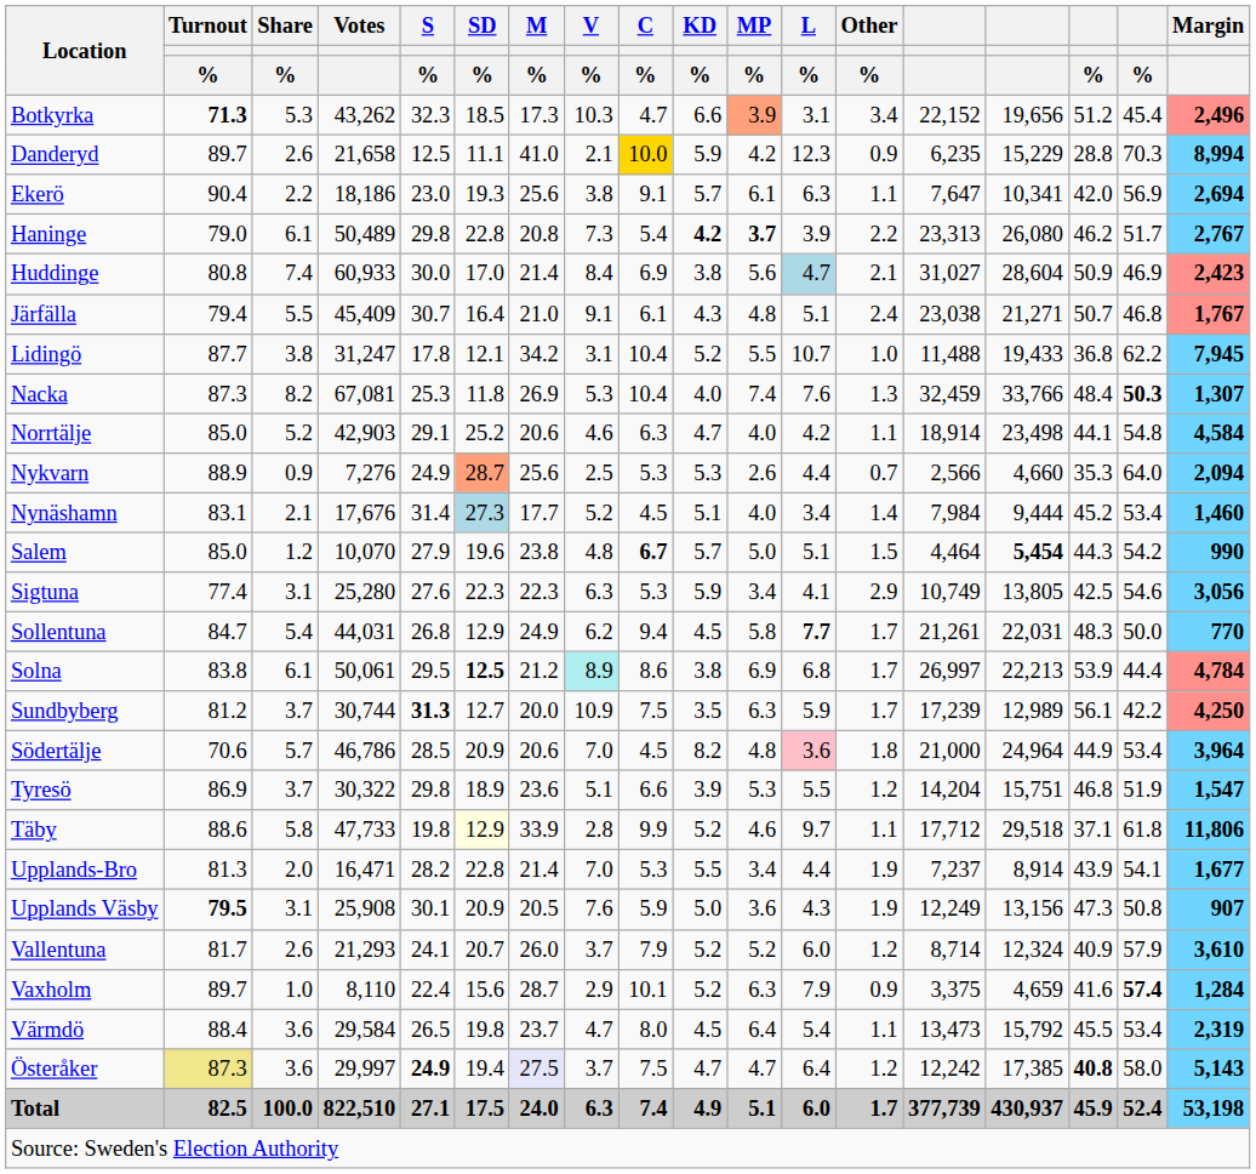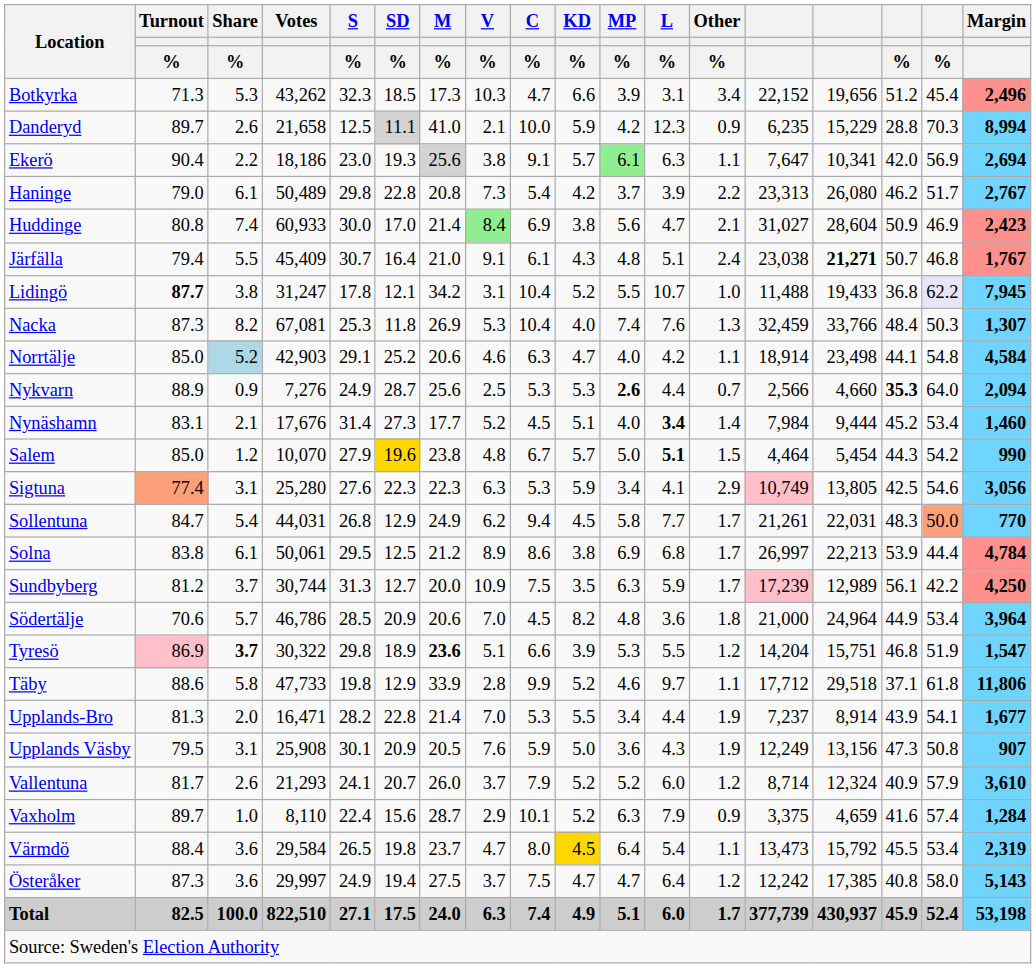 <table class="wikitable sortable" style="text-align:right; font-size:95%; line-height:20px;">
 <tr>
 <th rowspan="3">Location</th>
 <th>Turnout</th>
 <th>Share</th>
 <th>Votes</th>
 <th width="30px" class="unsortable"><a href='#'>S</a></th>
 <th width="30px" class="unsortable"><a href='#'>SD</a></th>
 <th width="30px" class="unsortable"><a href='#'>M</a></th>
 <th width="30px" class="unsortable"><a href='#'>V</a></th>
 <th width="30px" class="unsortable"><a href='#'>C</a></th>
 <th width="30px" class="unsortable"><a href='#'>KD</a></th>
 <th width="30px" class="unsortable"><a href='#'>MP</a></th>
 <th width="30px" class="unsortable"><a href='#'>L</a></th>
 <th width="30px" class="unsortable">Other</th>
 <th></th>
 <th></th>
 <th></th>
 <th></th>
 <th>Margin</th>
 </tr>
 <tr>
 <th></th>
 <th></th>
 <th></th>
 <th style="background:"></th>
 <th style="background:"></th>
 <th style="background:"></th>
 <th style="background:"></th>
 <th style="background:"></th>
 <th style="background:"></th>
 <th style="background:"></th>
 <th style="background:"></th>
 <th style="background:"></th>
 <th style="background:"></th>
 <th style="background:"></th>
 <th style="background:"></th>
 <th style="background:"></th>
 <th></th>
 </tr>
 <tr>
 <th data-sort-type="number">%</th>
 <th data-sort-type="number">%</th>
 <th></th>
 <th data-sort-type="number">%</th>
 <th data-sort-type="number">%</th>
 <th data-sort-type="number">%</th>
 <th data-sort-type="number">%</th>
 <th data-sort-type="number">%</th>
 <th data-sort-type="number">%</th>
 <th data-sort-type="number">%</th>
 <th data-sort-type="number">%</th>
 <th data-sort-type="number">%</th>
 <th data-sort-type="number"></th>
 <th data-sort-type="number"></th>
 <th data-sort-type="number">%</th>
 <th data-sort-type="number">%</th>
 <th data-sort-type="number"></th>
 </tr>
 <tr>
 <td align="left"><a href='#'>Botkyrka</a></td>
-<td><strong>71.3</strong></td>
+<td>71.3</td>
 <td>5.3</td>
 <td>43,262</td>
 <td>32.3</td>
 <td>18.5</td>
 <td>17.3</td>
 <td>10.3</td>
 <td>4.7</td>
 <td>6.6</td>
-<td style="background: lightsalmon;">3.9</td>
+<td>3.9</td>
 <td>3.1</td>
 <td>3.4</td>
 <td>22,152</td>
 <td>19,656</td>
 <td>51.2</td>
 <td>45.4</td>
 <td bgcolor=#ff908c><strong>2,496</strong></td>
 </tr>
 <tr>
 <td align="left"><a href='#'>Danderyd</a></td>
 <td>89.7</td>
 <td>2.6</td>
 <td>21,658</td>
 <td>12.5</td>
-<td>11.1</td>
+<td style="background: lightgrey;">11.1</td>
 <td>41.0</td>
 <td>2.1</td>
-<td style="background: gold;">10.0</td>
+<td>10.0</td>
 <td>5.9</td>
 <td>4.2</td>
 <td>12.3</td>
 <td>0.9</td>
 <td>6,235</td>
 <td>15,229</td>
 <td>28.8</td>
 <td>70.3</td>
 <td bgcolor=#6fd5fe><strong>8,994</strong></td>
 </tr>
 <tr>
 <td align="left"><a href='#'>Ekerö</a></td>
 <td>90.4</td>
 <td>2.2</td>
 <td>18,186</td>
 <td>23.0</td>
 <td>19.3</td>
-<td>25.6</td>
+<td style="background: lightgrey;">25.6</td>
 <td>3.8</td>
 <td>9.1</td>
 <td>5.7</td>
-<td>6.1</td>
+<td style="background: lightgreen;">6.1</td>
 <td>6.3</td>
 <td>1.1</td>
 <td>7,647</td>
 <td>10,341</td>
 <td>42.0</td>
 <td>56.9</td>
 <td bgcolor=#6fd5fe><strong>2,694</strong></td>
 </tr>
 <tr>
 <td align="left"><a href='#'>Haninge</a></td>
 <td>79.0</td>
 <td>6.1</td>
 <td>50,489</td>
 <td>29.8</td>
 <td>22.8</td>
 <td>20.8</td>
 <td>7.3</td>
 <td>5.4</td>
-<td><strong>4.2</strong></td>
-<td><strong>3.7</strong></td>
+<td>4.2</td>
+<td>3.7</td>
 <td>3.9</td>
 <td>2.2</td>
 <td>23,313</td>
 <td>26,080</td>
 <td>46.2</td>
 <td>51.7</td>
 <td bgcolor=#6fd5fe><strong>2,767</strong></td>
 </tr>
 <tr>
 <td align="left"><a href='#'>Huddinge</a></td>
 <td>80.8</td>
 <td>7.4</td>
 <td>60,933</td>
 <td>30.0</td>
 <td>17.0</td>
 <td>21.4</td>
-<td>8.4</td>
+<td style="background: lightgreen;">8.4</td>
 <td>6.9</td>
 <td>3.8</td>
 <td>5.6</td>
-<td style="background: lightblue;">4.7</td>
+<td>4.7</td>
 <td>2.1</td>
 <td>31,027</td>
 <td>28,604</td>
 <td>50.9</td>
 <td>46.9</td>
 <td bgcolor=#ff908c><strong>2,423</strong></td>
 </tr>
 <tr>
 <td align="left"><a href='#'>Järfälla</a></td>
 <td>79.4</td>
 <td>5.5</td>
 <td>45,409</td>
 <td>30.7</td>
 <td>16.4</td>
 <td>21.0</td>
 <td>9.1</td>
 <td>6.1</td>
 <td>4.3</td>
 <td>4.8</td>
 <td>5.1</td>
 <td>2.4</td>
 <td>23,038</td>
-<td>21,271</td>
+<td><strong>21,271</strong></td>
 <td>50.7</td>
 <td>46.8</td>
 <td bgcolor=#ff908c><strong>1,767</strong></td>
 </tr>
 <tr>
 <td align="left"><a href='#'>Lidingö</a></td>
-<td>87.7</td>
+<td><strong>87.7</strong></td>
 <td>3.8</td>
 <td>31,247</td>
 <td>17.8</td>
 <td>12.1</td>
 <td>34.2</td>
 <td>3.1</td>
 <td>10.4</td>
 <td>5.2</td>
 <td>5.5</td>
 <td>10.7</td>
 <td>1.0</td>
 <td>11,488</td>
 <td>19,433</td>
 <td>36.8</td>
-<td>62.2</td>
+<td style="background: lavender;">62.2</td>
 <td bgcolor=#6fd5fe><strong>7,945</strong></td>
 </tr>
 <tr>
 <td align="left"><a href='#'>Nacka</a></td>
 <td>87.3</td>
 <td>8.2</td>
 <td>67,081</td>
 <td>25.3</td>
 <td>11.8</td>
 <td>26.9</td>
 <td>5.3</td>
 <td>10.4</td>
 <td>4.0</td>
 <td>7.4</td>
 <td>7.6</td>
 <td>1.3</td>
 <td>32,459</td>
 <td>33,766</td>
 <td>48.4</td>
-<td><strong>50.3</strong></td>
+<td>50.3</td>
 <td bgcolor=#6fd5fe><strong>1,307</strong></td>
 </tr>
 <tr>
 <td align="left"><a href='#'>Norrtälje</a></td>
 <td>85.0</td>
-<td>5.2</td>
+<td style="background: lightblue;">5.2</td>
 <td>42,903</td>
 <td>29.1</td>
 <td>25.2</td>
 <td>20.6</td>
 <td>4.6</td>
 <td>6.3</td>
 <td>4.7</td>
 <td>4.0</td>
 <td>4.2</td>
 <td>1.1</td>
 <td>18,914</td>
 <td>23,498</td>
 <td>44.1</td>
 <td>54.8</td>
 <td bgcolor=#6fd5fe><strong>4,584</strong></td>
 </tr>
 <tr>
 <td align="left"><a href='#'>Nykvarn</a></td>
 <td>88.9</td>
 <td>0.9</td>
 <td>7,276</td>
 <td>24.9</td>
-<td style="background: lightsalmon;">28.7</td>
+<td>28.7</td>
 <td>25.6</td>
 <td>2.5</td>
 <td>5.3</td>
 <td>5.3</td>
-<td>2.6</td>
+<td><strong>2.6</strong></td>
 <td>4.4</td>
 <td>0.7</td>
 <td>2,566</td>
 <td>4,660</td>
-<td>35.3</td>
+<td><strong>35.3</strong></td>
 <td>64.0</td>
 <td bgcolor=#6fd5fe><strong>2,094</strong></td>
 </tr>
 <tr>
 <td align="left"><a href='#'>Nynäshamn</a></td>
 <td>83.1</td>
 <td>2.1</td>
 <td>17,676</td>
 <td>31.4</td>
-<td style="background: lightblue;">27.3</td>
+<td>27.3</td>
 <td>17.7</td>
 <td>5.2</td>
 <td>4.5</td>
 <td>5.1</td>
 <td>4.0</td>
-<td>3.4</td>
+<td><strong>3.4</strong></td>
 <td>1.4</td>
 <td>7,984</td>
 <td>9,444</td>
 <td>45.2</td>
 <td>53.4</td>
 <td bgcolor=#6fd5fe><strong>1,460</strong></td>
 </tr>
 <tr>
 <td align="left"><a href='#'>Salem</a></td>
 <td>85.0</td>
 <td>1.2</td>
 <td>10,070</td>
 <td>27.9</td>
-<td>19.6</td>
+<td style="background: gold;">19.6</td>
 <td>23.8</td>
 <td>4.8</td>
-<td><strong>6.7</strong></td>
+<td>6.7</td>
 <td>5.7</td>
 <td>5.0</td>
-<td>5.1</td>
+<td><strong>5.1</strong></td>
 <td>1.5</td>
 <td>4,464</td>
-<td><strong>5,454</strong></td>
+<td>5,454</td>
 <td>44.3</td>
 <td>54.2</td>
 <td bgcolor=#6fd5fe><strong>990</strong></td>
 </tr>
 <tr>
 <td align="left"><a href='#'>Sigtuna</a></td>
-<td>77.4</td>
+<td style="background: lightsalmon;">77.4</td>
 <td>3.1</td>
 <td>25,280</td>
 <td>27.6</td>
 <td>22.3</td>
 <td>22.3</td>
 <td>6.3</td>
 <td>5.3</td>
 <td>5.9</td>
 <td>3.4</td>
 <td>4.1</td>
 <td>2.9</td>
-<td>10,749</td>
+<td style="background: pink;">10,749</td>
 <td>13,805</td>
 <td>42.5</td>
 <td>54.6</td>
 <td bgcolor=#6fd5fe><strong>3,056</strong></td>
 </tr>
 <tr>
 <td align="left"><a href='#'>Sollentuna</a></td>
 <td>84.7</td>
 <td>5.4</td>
 <td>44,031</td>
 <td>26.8</td>
 <td>12.9</td>
 <td>24.9</td>
 <td>6.2</td>
 <td>9.4</td>
 <td>4.5</td>
 <td>5.8</td>
-<td><strong>7.7</strong></td>
+<td>7.7</td>
 <td>1.7</td>
 <td>21,261</td>
 <td>22,031</td>
 <td>48.3</td>
-<td>50.0</td>
+<td style="background: lightsalmon;">50.0</td>
 <td bgcolor=#6fd5fe><strong>770</strong></td>
 </tr>
 <tr>
 <td align="left"><a href='#'>Solna</a></td>
 <td>83.8</td>
 <td>6.1</td>
 <td>50,061</td>
 <td>29.5</td>
-<td><strong>12.5</strong></td>
+<td>12.5</td>
 <td>21.2</td>
-<td style="background: paleturquoise;">8.9</td>
+<td>8.9</td>
 <td>8.6</td>
 <td>3.8</td>
 <td>6.9</td>
 <td>6.8</td>
 <td>1.7</td>
 <td>26,997</td>
 <td>22,213</td>
 <td>53.9</td>
 <td>44.4</td>
 <td bgcolor=#ff908c><strong>4,784</strong></td>
 </tr>
 <tr>
 <td align="left"><a href='#'>Sundbyberg</a></td>
 <td>81.2</td>
 <td>3.7</td>
 <td>30,744</td>
-<td><strong>31.3</strong></td>
+<td>31.3</td>
 <td>12.7</td>
 <td>20.0</td>
 <td>10.9</td>
 <td>7.5</td>
 <td>3.5</td>
 <td>6.3</td>
 <td>5.9</td>
 <td>1.7</td>
-<td>17,239</td>
+<td style="background: pink;">17,239</td>
 <td>12,989</td>
 <td>56.1</td>
 <td>42.2</td>
 <td bgcolor=#ff908c><strong>4,250</strong></td>
 </tr>
 <tr>
 <td align="left"><a href='#'>Södertälje</a></td>
 <td>70.6</td>
 <td>5.7</td>
 <td>46,786</td>
 <td>28.5</td>
 <td>20.9</td>
 <td>20.6</td>
 <td>7.0</td>
 <td>4.5</td>
 <td>8.2</td>
 <td>4.8</td>
-<td style="background: pink;">3.6</td>
+<td>3.6</td>
 <td>1.8</td>
 <td>21,000</td>
 <td>24,964</td>
 <td>44.9</td>
 <td>53.4</td>
 <td bgcolor=#6fd5fe><strong>3,964</strong></td>
 </tr>
 <tr>
 <td align="left"><a href='#'>Tyresö</a></td>
-<td>86.9</td>
-<td>3.7</td>
+<td style="background: pink;">86.9</td>
+<td><strong>3.7</strong></td>
 <td>30,322</td>
 <td>29.8</td>
 <td>18.9</td>
-<td>23.6</td>
+<td><strong>23.6</strong></td>
 <td>5.1</td>
 <td>6.6</td>
 <td>3.9</td>
 <td>5.3</td>
 <td>5.5</td>
 <td>1.2</td>
 <td>14,204</td>
 <td>15,751</td>
 <td>46.8</td>
 <td>51.9</td>
 <td bgcolor=#6fd5fe><strong>1,547</strong></td>
 </tr>
 <tr>
 <td align="left"><a href='#'>Täby</a></td>
 <td>88.6</td>
 <td>5.8</td>
 <td>47,733</td>
 <td>19.8</td>
-<td style="background: lightyellow;">12.9</td>
+<td>12.9</td>
 <td>33.9</td>
 <td>2.8</td>
 <td>9.9</td>
 <td>5.2</td>
 <td>4.6</td>
 <td>9.7</td>
 <td>1.1</td>
 <td>17,712</td>
 <td>29,518</td>
 <td>37.1</td>
 <td>61.8</td>
 <td bgcolor=#6fd5fe><strong>11,806</strong></td>
 </tr>
 <tr>
 <td align="left"><a href='#'>Upplands-Bro</a></td>
 <td>81.3</td>
 <td>2.0</td>
 <td>16,471</td>
 <td>28.2</td>
 <td>22.8</td>
 <td>21.4</td>
 <td>7.0</td>
 <td>5.3</td>
 <td>5.5</td>
 <td>3.4</td>
 <td>4.4</td>
 <td>1.9</td>
 <td>7,237</td>
 <td>8,914</td>
 <td>43.9</td>
 <td>54.1</td>
 <td bgcolor=#6fd5fe><strong>1,677</strong></td>
 </tr>
 <tr>
 <td align="left"><a href='#'>Upplands Väsby</a></td>
-<td><strong>79.5</strong></td>
+<td>79.5</td>
 <td>3.1</td>
 <td>25,908</td>
 <td>30.1</td>
 <td>20.9</td>
 <td>20.5</td>
 <td>7.6</td>
 <td>5.9</td>
 <td>5.0</td>
 <td>3.6</td>
 <td>4.3</td>
 <td>1.9</td>
 <td>12,249</td>
 <td>13,156</td>
 <td>47.3</td>
 <td>50.8</td>
 <td bgcolor=#6fd5fe><strong>907</strong></td>
 </tr>
 <tr>
 <td align="left"><a href='#'>Vallentuna</a></td>
 <td>81.7</td>
 <td>2.6</td>
 <td>21,293</td>
 <td>24.1</td>
 <td>20.7</td>
 <td>26.0</td>
 <td>3.7</td>
 <td>7.9</td>
 <td>5.2</td>
 <td>5.2</td>
 <td>6.0</td>
 <td>1.2</td>
 <td>8,714</td>
 <td>12,324</td>
 <td>40.9</td>
 <td>57.9</td>
 <td bgcolor=#6fd5fe><strong>3,610</strong></td>
 </tr>
 <tr>
 <td align="left"><a href='#'>Vaxholm</a></td>
 <td>89.7</td>
 <td>1.0</td>
 <td>8,110</td>
 <td>22.4</td>
 <td>15.6</td>
 <td>28.7</td>
 <td>2.9</td>
 <td>10.1</td>
 <td>5.2</td>
 <td>6.3</td>
 <td>7.9</td>
 <td>0.9</td>
 <td>3,375</td>
 <td>4,659</td>
 <td>41.6</td>
-<td><strong>57.4</strong></td>
+<td>57.4</td>
 <td bgcolor=#6fd5fe><strong>1,284</strong></td>
 </tr>
 <tr>
 <td align="left"><a href='#'>Värmdö</a></td>
 <td>88.4</td>
 <td>3.6</td>
 <td>29,584</td>
 <td>26.5</td>
 <td>19.8</td>
 <td>23.7</td>
 <td>4.7</td>
 <td>8.0</td>
-<td>4.5</td>
+<td style="background: gold;">4.5</td>
 <td>6.4</td>
 <td>5.4</td>
 <td>1.1</td>
 <td>13,473</td>
 <td>15,792</td>
 <td>45.5</td>
 <td>53.4</td>
 <td bgcolor=#6fd5fe><strong>2,319</strong></td>
 </tr>
 <tr>
 <td align="left"><a href='#'>Österåker</a></td>
-<td style="background: khaki;">87.3</td>
+<td>87.3</td>
 <td>3.6</td>
 <td>29,997</td>
-<td><strong>24.9</strong></td>
+<td>24.9</td>
 <td>19.4</td>
-<td style="background: lavender;">27.5</td>
+<td>27.5</td>
 <td>3.7</td>
 <td>7.5</td>
 <td>4.7</td>
 <td>4.7</td>
 <td>6.4</td>
 <td>1.2</td>
 <td>12,242</td>
 <td>17,385</td>
-<td><strong>40.8</strong></td>
+<td>40.8</td>
 <td>58.0</td>
 <td bgcolor=#6fd5fe><strong>5,143</strong></td>
 </tr>
 <tr style="background:#CDCDCD;">
 <td align="left"><strong>Total</strong></td>
 <td><strong>82.5</strong></td>
 <td><strong>100.0</strong></td>
 <td><strong>822,510</strong></td>
 <td><strong>27.1</strong></td>
 <td><strong>17.5</strong></td>
 <td><strong>24.0</strong></td>
 <td><strong>6.3</strong></td>
 <td><strong>7.4</strong></td>
 <td><strong>4.9</strong></td>
 <td><strong>5.1</strong></td>
 <td><strong>6.0</strong></td>
 <td><strong>1.7</strong></td>
 <td><strong>377,739</strong></td>
 <td><strong>430,937</strong></td>
 <td><strong>45.9</strong></td>
 <td><strong>52.4</strong></td>
 <td bgcolor=#6fd5fe><strong>53,198</strong></td>
 </tr>
 <tr>
 <td colspan="18" align="left">Source: Sweden's <a href='#'>Election Authority</a></td>
 </tr>
 </table>
